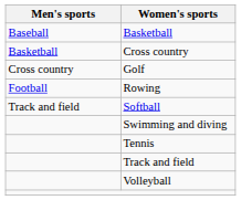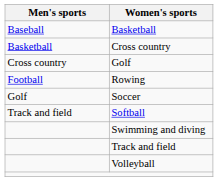 <table class="wikitable" style="float:right; clear:right; margin:0 0 1em 1em;">
 <tr>
 <th width=150px>Men's sports</th>
 <th width=150px>Women's sports</th>
 </tr>
 <tr>
 <td><a href='#'>Baseball</a></td>
 <td><a href='#'>Basketball</a></td>
 </tr>
 <tr>
 <td><a href='#'>Basketball</a></td>
 <td>Cross country</td>
 </tr>
 <tr>
 <td>Cross country</td>
 <td>Golf</td>
 </tr>
 <tr>
 <td><a href='#'>Football</a></td>
 <td>Rowing</td>
 </tr>
 <tr>
+<td>Golf</td>
+<td>Soccer</td>
+</tr>
+<tr>
 <td>Track and field</td>
 <td><a href='#'>Softball</a></td>
 </tr>
 <tr>
 <td></td>
 <td>Swimming and diving</td>
-</tr>
-<tr>
-<td></td>
-<td>Tennis</td>
 </tr>
 <tr>
 <td></td>
 <td>Track and field</td>
 </tr>
 <tr>
 <td></td>
 <td>Volleyball</td>
 </tr>
 <tr>
 <td colspan="2"></td>
 </tr>
 </table>
